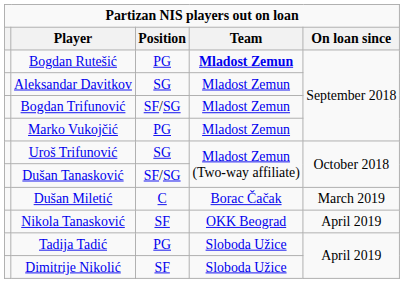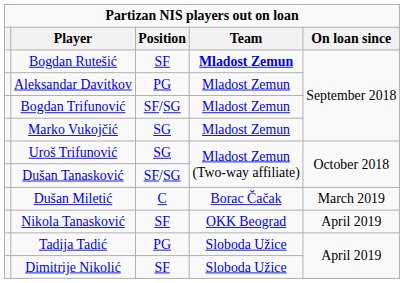 <table class="wikitable sortable" style="font-size: 95%; text-align:center;">
 <tr>
 <td colspan=6><strong>Partizan NIS players out on loan</strong></td>
 </tr>
 <tr>
 <th></th>
 <th>Player</th>
 <th>Position</th>
 <th>Team</th>
 <th>On loan since</th>
 </tr>
 <tr>
 <td></td>
 <td><a href='#'>Bogdan Rutešić</a></td>
-<td><a href='#'>PG</a></td>
+<td><a href='#'>SF</a></td>
 <td><strong> <a href='#'>Mladost Zemun</a></strong></td>
 <td align=center rowspan=4>September 2018</td>
 </tr>
 <tr>
 <td></td>
 <td><a href='#'>Aleksandar Davitkov</a></td>
-<td><a href='#'>SG</a></td>
+<td><a href='#'>PG</a></td>
 <td> <a href='#'>Mladost Zemun</a></td>
 </tr>
 <tr>
 <td></td>
 <td><a href='#'>Bogdan Trifunović</a></td>
 <td><a href='#'>SF</a>/<a href='#'>SG</a></td>
 <td> <a href='#'>Mladost Zemun</a></td>
 </tr>
 <tr>
 <td></td>
 <td><a href='#'>Marko Vukojčić</a></td>
-<td><a href='#'>PG</a></td>
+<td><a href='#'>SG</a></td>
 <td> <a href='#'>Mladost Zemun</a></td>
 </tr>
 <tr>
 <td></td>
 <td><a href='#'>Uroš Trifunović</a></td>
 <td><a href='#'>SG</a></td>
 <td align=center rowspan=2> <a href='#'>Mladost Zemun</a><br> (Two-way affiliate)</td>
 <td align=center rowspan=2>October 2018 </td>
 </tr>
 <tr>
 <td></td>
 <td><a href='#'>Dušan Tanasković</a></td>
 <td><a href='#'>SF</a>/<a href='#'>SG</a></td>
 </tr>
 <tr>
 <td></td>
 <td><a href='#'>Dušan Miletić</a></td>
 <td><a href='#'>C</a></td>
 <td> <a href='#'>Borac Čačak</a></td>
 <td>March 2019 </td>
 </tr>
 <tr>
 <td></td>
 <td><a href='#'>Nikola Tanasković</a></td>
 <td><a href='#'>SF</a></td>
 <td> <a href='#'>OKK Beograd</a></td>
 <td>April 2019 </td>
 </tr>
 <tr>
 <td></td>
 <td><a href='#'>Tadija Tadić</a></td>
 <td><a href='#'>PG</a></td>
 <td> <a href='#'>Sloboda Užice</a></td>
 <td align=center rowspan=2>April 2019</td>
 </tr>
 <tr>
 <td></td>
 <td><a href='#'>Dimitrije Nikolić</a></td>
 <td><a href='#'>SF</a></td>
 <td> <a href='#'>Sloboda Užice</a></td>
 </tr>
 </table>
